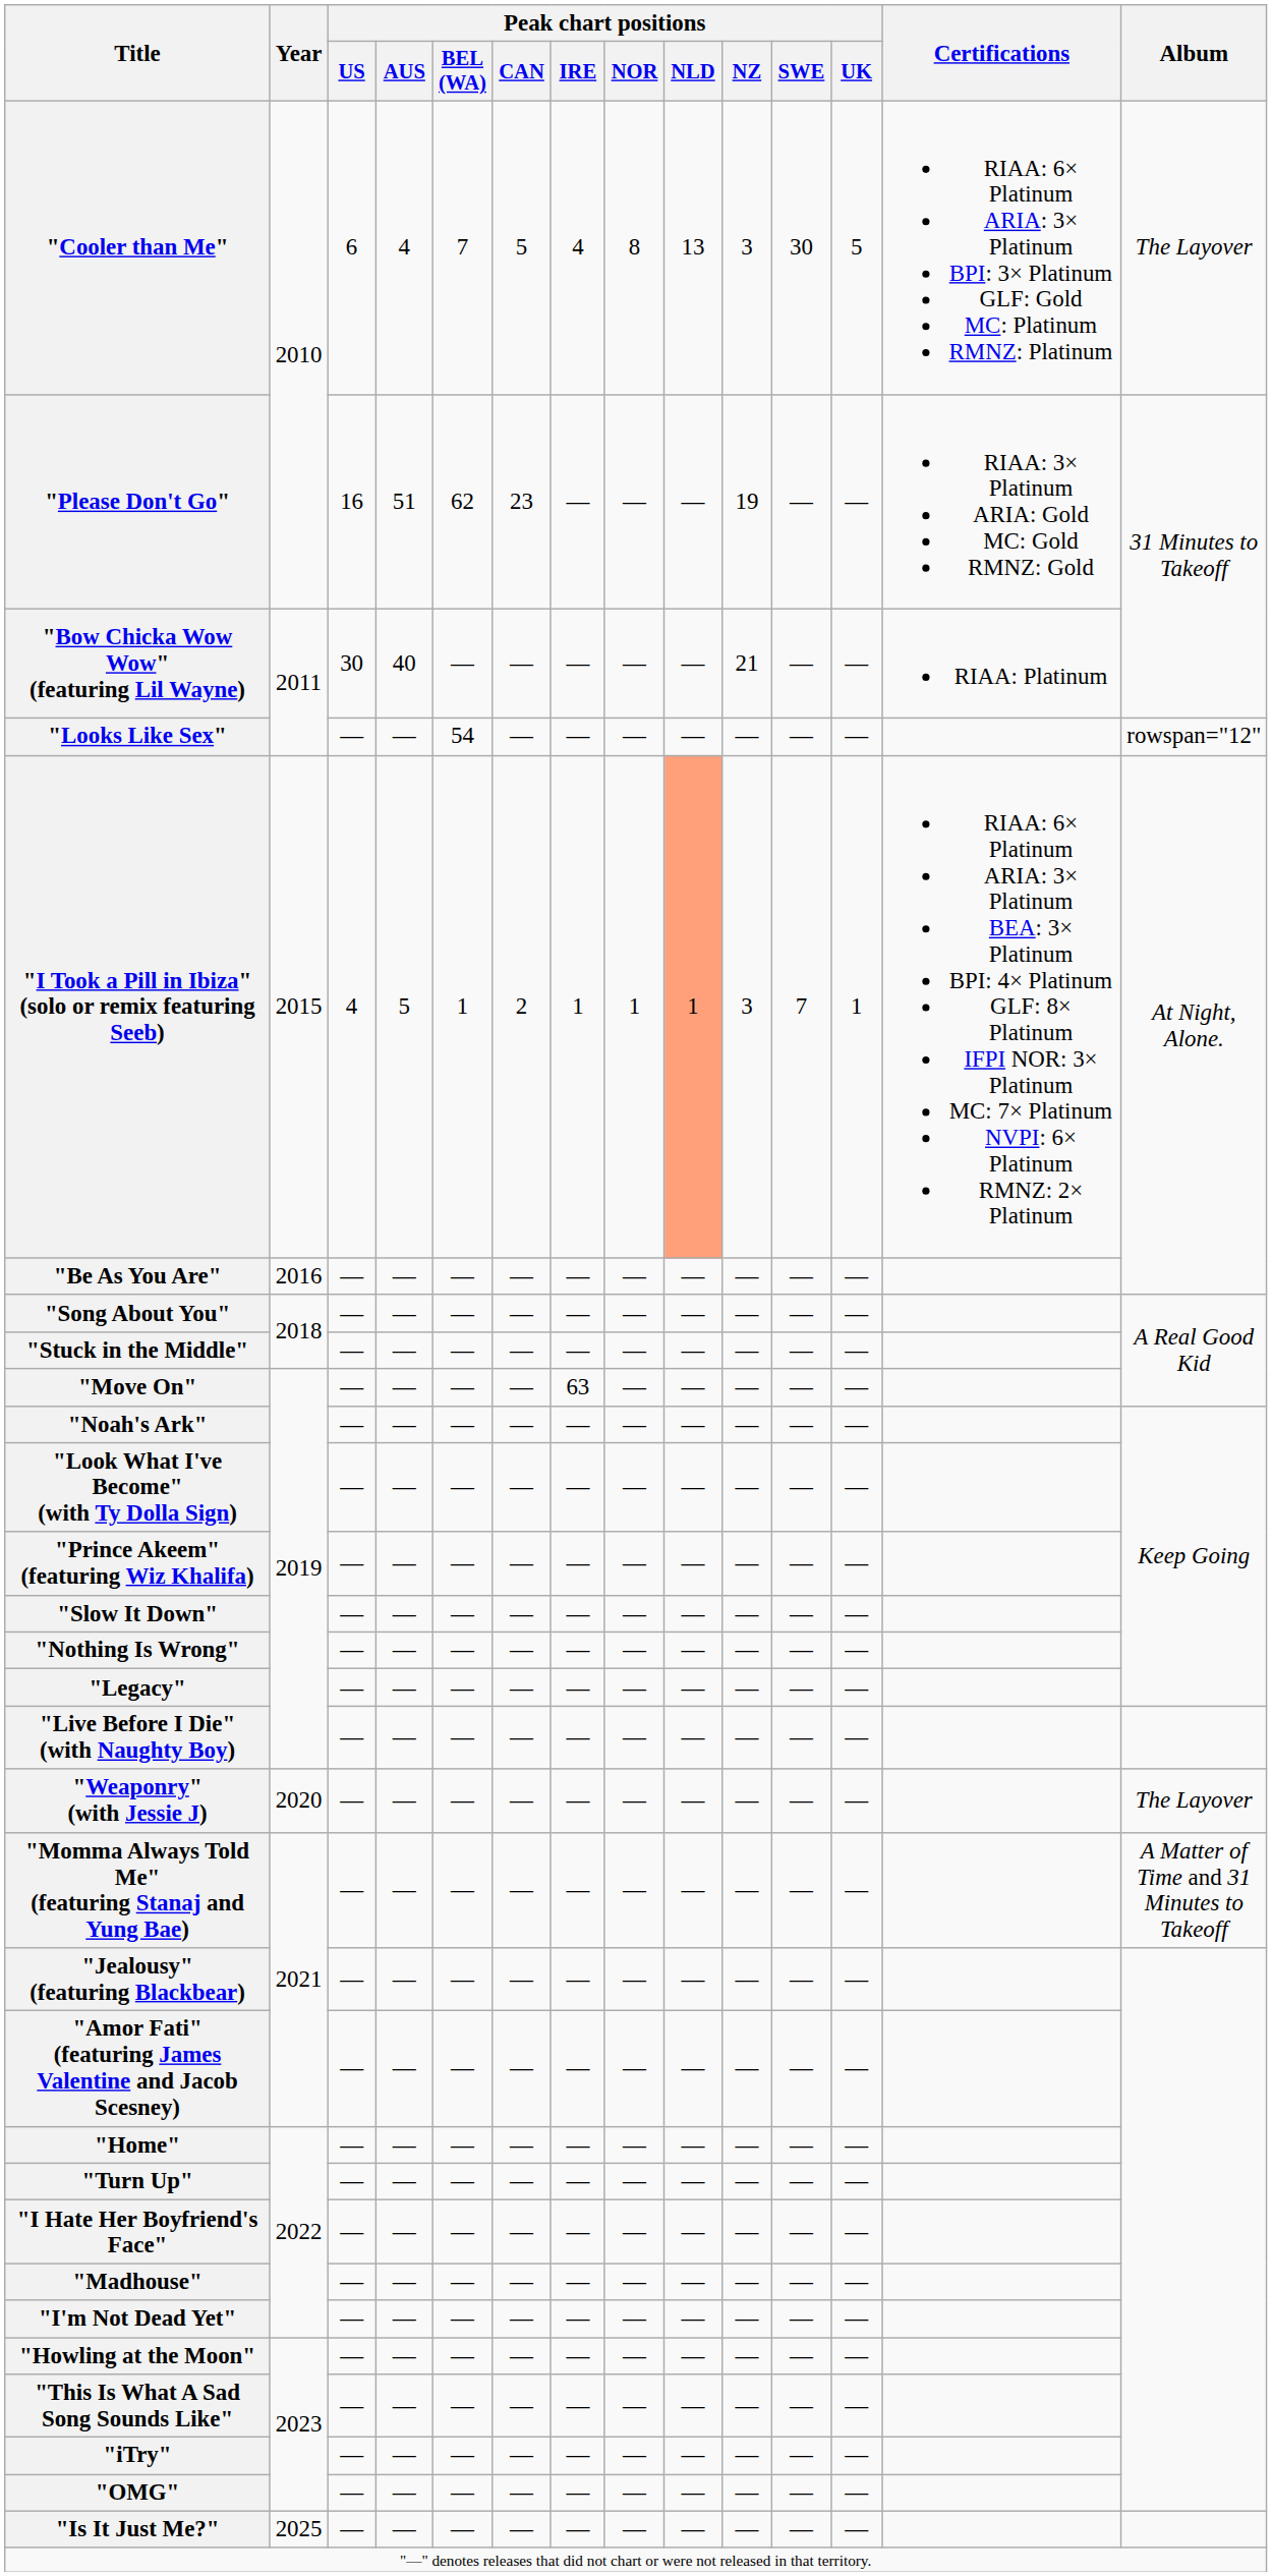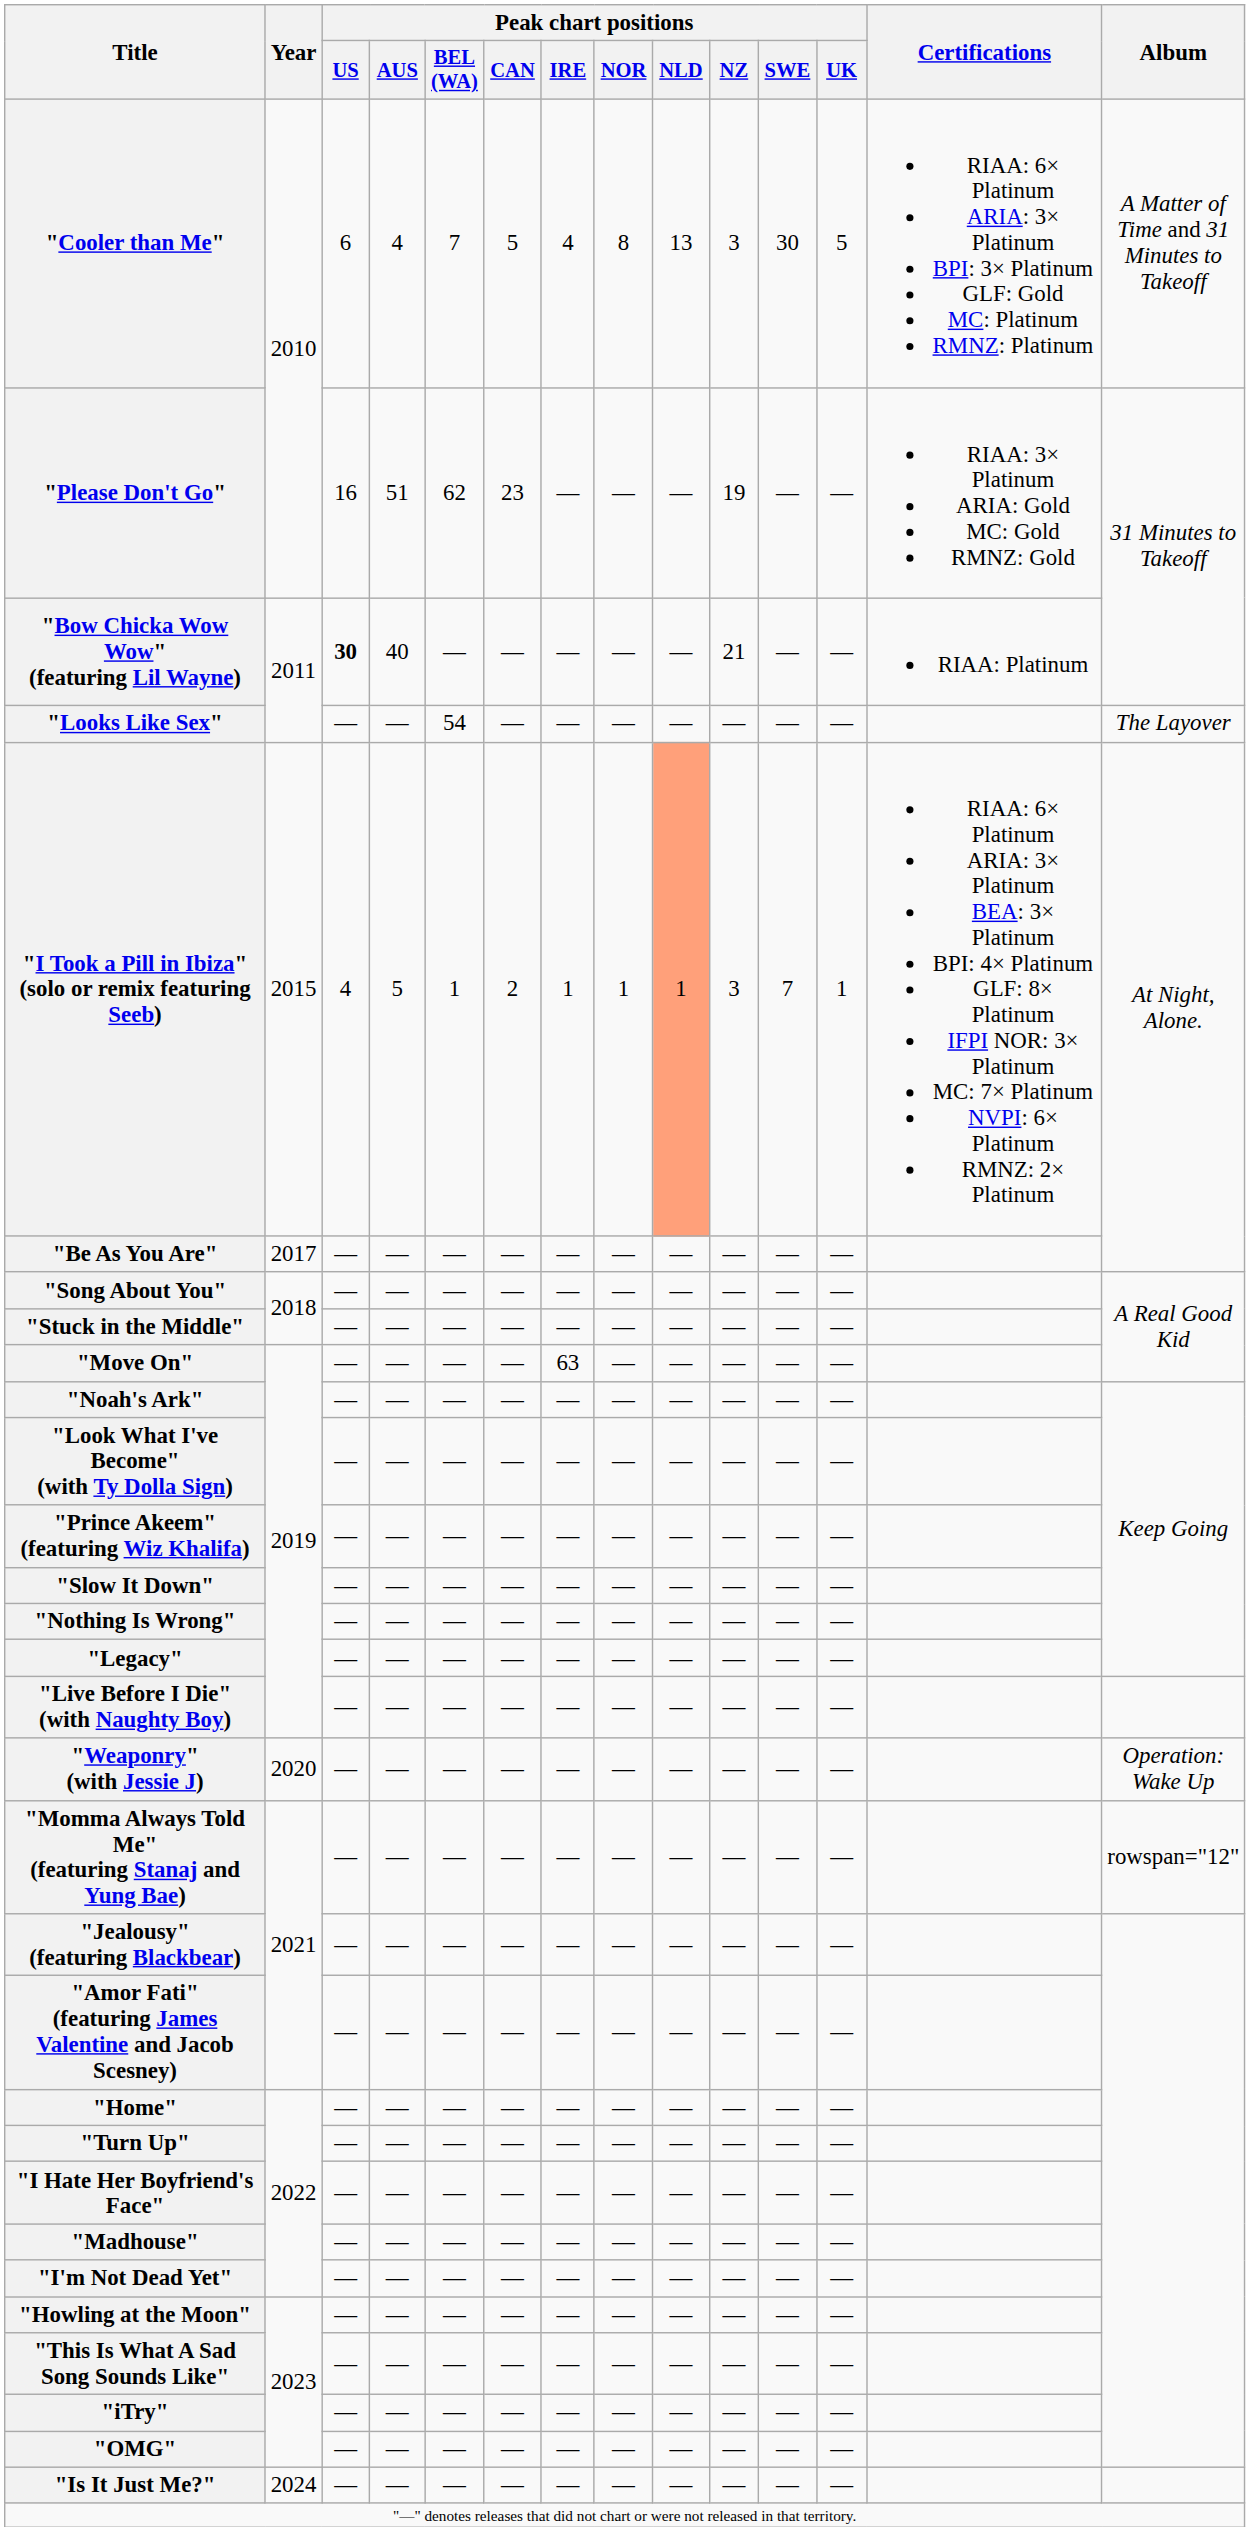 <table class="wikitable plainrowheaders" style="text-align:center;">
 <tr>
 <th scope="col" rowspan="2" style="width:17em;">Title</th>
 <th scope="col" rowspan="2">Year</th>
 <th scope="col" colspan="10">Peak chart positions</th>
 <th scope="col" rowspan="2" style="width:14em;"><a href='#'>Certifications</a></th>
 <th scope="col" rowspan="2">Album</th>
 </tr>
 <tr>
 <th scope="col" style="width:2.5em;font-size:90%;"><a href='#'>US</a><br></th>
 <th scope="col" style="width:2.5em;font-size:90%;"><a href='#'>AUS</a><br></th>
 <th scope="col" style="width:2.5em;font-size:90%;"><a href='#'>BEL (WA)</a><br></th>
 <th scope="col" style="width:2.5em;font-size:90%;"><a href='#'>CAN</a><br></th>
 <th scope="col" style="width:2.5em;font-size:90%;"><a href='#'>IRE</a><br></th>
 <th scope="col" style="width:2.5em;font-size:90%;"><a href='#'>NOR</a><br></th>
 <th scope="col" style="width:2.5em;font-size:90%;"><a href='#'>NLD</a><br></th>
 <th scope="col" style="width:2.5em;font-size:90%;"><a href='#'>NZ</a><br></th>
 <th scope="col" style="width:2.5em;font-size:90%;"><a href='#'>SWE</a><br></th>
 <th scope="col" style="width:2.5em;font-size:90%;"><a href='#'>UK</a><br></th>
 </tr>
 <tr>
 <th scope="row">"<a href='#'>Cooler than Me</a>"<br></th>
 <td rowspan="2">2010</td>
 <td>6</td>
 <td>4</td>
 <td>7</td>
 <td>5</td>
 <td>4</td>
 <td>8</td>
 <td>13</td>
 <td>3</td>
 <td>30</td>
 <td>5</td>
 <td><br><ul><li>RIAA: 6× Platinum</li><li><a href='#'>ARIA</a>: 3× Platinum</li><li><a href='#'>BPI</a>: 3× Platinum</li><li>GLF: Gold</li><li><a href='#'>MC</a>: Platinum</li><li><a href='#'>RMNZ</a>: Platinum</li></ul></td>
-<td><em>The Layover</em></td>
+<td><em>A Matter of Time</em> and <em>31 Minutes to Takeoff</em></td>
 </tr>
 <tr>
 <th scope="row">"<a href='#'>Please Don't Go</a>"</th>
 <td>16</td>
 <td>51</td>
 <td>62</td>
 <td>23</td>
 <td>—</td>
 <td>—</td>
 <td>—</td>
 <td>19</td>
 <td>—</td>
 <td>—</td>
 <td><br><ul><li>RIAA: 3× Platinum</li><li>ARIA: Gold</li><li>MC: Gold</li><li>RMNZ: Gold</li></ul></td>
 <td rowspan="2"><em>31 Minutes to Takeoff</em></td>
 </tr>
 <tr>
 <th scope="row">"<a href='#'>Bow Chicka Wow Wow</a>"<br><span>(featuring <a href='#'>Lil Wayne</a>)</span></th>
 <td rowspan="2">2011</td>
-<td>30</td>
+<td><strong>30</strong></td>
 <td>40</td>
 <td>—</td>
 <td>—</td>
 <td>—</td>
 <td>—</td>
 <td>—</td>
 <td>21</td>
 <td>—</td>
 <td>—</td>
 <td><br><ul><li>RIAA: Platinum</li></ul></td>
 </tr>
 <tr>
 <th scope="row">"<a href='#'>Looks Like Sex</a>"</th>
 <td>—</td>
 <td>—</td>
 <td>54</td>
 <td>—</td>
 <td>—</td>
 <td>—</td>
 <td>—</td>
 <td>—</td>
 <td>—</td>
 <td>—</td>
 <td></td>
-<td>rowspan="12" </td>
+<td><em>The Layover</em></td>
 </tr>
 <tr>
 <th scope="row">"<a href='#'>I Took a Pill in Ibiza</a>"<br><span>(solo or remix featuring <a href='#'>Seeb</a>)</span></th>
 <td>2015</td>
 <td>4</td>
 <td>5</td>
 <td>1</td>
 <td>2</td>
 <td>1</td>
 <td>1</td>
 <td style="background: lightsalmon;">1</td>
 <td>3</td>
 <td>7</td>
 <td>1</td>
 <td><br><ul><li>RIAA: 6× Platinum</li><li>ARIA: 3× Platinum</li><li><a href='#'>BEA</a>: 3× Platinum</li><li>BPI: 4× Platinum</li><li>GLF: 8× Platinum</li><li><a href='#'>IFPI</a> NOR: 3× Platinum</li><li>MC: 7× Platinum</li><li><a href='#'>NVPI</a>: 6× Platinum</li><li>RMNZ: 2× Platinum</li></ul></td>
 <td rowspan="2"><em>At Night, Alone.</em></td>
 </tr>
 <tr>
 <th scope="row">"Be As You Are"</th>
-<td>2016</td>
+<td>2017</td>
 <td>—</td>
 <td>—</td>
 <td>—</td>
 <td>—</td>
 <td>—</td>
 <td>—</td>
 <td>—</td>
 <td>—</td>
 <td>—</td>
 <td>—</td>
 <td></td>
 </tr>
 <tr>
 <th scope="row">"Song About You"</th>
 <td rowspan=2>2018</td>
 <td>—</td>
 <td>—</td>
 <td>—</td>
 <td>—</td>
 <td>—</td>
 <td>—</td>
 <td>—</td>
 <td>—</td>
 <td>—</td>
 <td>—</td>
 <td></td>
 <td rowspan="3"><em>A Real Good Kid</em></td>
 </tr>
 <tr>
 <th scope="row">"Stuck in the Middle"</th>
 <td>—</td>
 <td>—</td>
 <td>—</td>
 <td>—</td>
 <td>—</td>
 <td>—</td>
 <td>—</td>
 <td>—</td>
 <td>—</td>
 <td>—</td>
 <td></td>
 </tr>
 <tr>
 <th scope="row">"Move On"</th>
 <td rowspan="8">2019</td>
 <td>—</td>
 <td>—</td>
 <td>—</td>
 <td>—</td>
 <td>63</td>
 <td>—</td>
 <td>—</td>
 <td>—</td>
 <td>—</td>
 <td>—</td>
 <td></td>
 </tr>
 <tr>
 <th scope="row">"Noah's Ark"</th>
 <td>—</td>
 <td>—</td>
 <td>—</td>
 <td>—</td>
 <td>—</td>
 <td>—</td>
 <td>—</td>
 <td>—</td>
 <td>—</td>
 <td>—</td>
 <td></td>
 <td rowspan="6"><em>Keep Going</em></td>
 </tr>
 <tr>
 <th scope="row">"Look What I've Become" <br><span>(with <a href='#'>Ty Dolla Sign</a>)</span></th>
 <td>—</td>
 <td>—</td>
 <td>—</td>
 <td>—</td>
 <td>—</td>
 <td>—</td>
 <td>—</td>
 <td>—</td>
 <td>—</td>
 <td>—</td>
 <td></td>
 </tr>
 <tr>
 <th scope="row">"Prince Akeem" <br><span>(featuring <a href='#'>Wiz Khalifa</a>)</span></th>
 <td>—</td>
 <td>—</td>
 <td>—</td>
 <td>—</td>
 <td>—</td>
 <td>—</td>
 <td>—</td>
 <td>—</td>
 <td>—</td>
 <td>—</td>
 <td></td>
 </tr>
 <tr>
 <th scope="row">"Slow It Down"</th>
 <td>—</td>
 <td>—</td>
 <td>—</td>
 <td>—</td>
 <td>—</td>
 <td>—</td>
 <td>—</td>
 <td>—</td>
 <td>—</td>
 <td>—</td>
 <td></td>
 </tr>
 <tr>
 <th scope="row">"Nothing Is Wrong"</th>
 <td>—</td>
 <td>—</td>
 <td>—</td>
 <td>—</td>
 <td>—</td>
 <td>—</td>
 <td>—</td>
 <td>—</td>
 <td>—</td>
 <td>—</td>
 <td></td>
 </tr>
 <tr>
 <th scope="row">"Legacy"<br></th>
 <td>—</td>
 <td>—</td>
 <td>—</td>
 <td>—</td>
 <td>—</td>
 <td>—</td>
 <td>—</td>
 <td>—</td>
 <td>—</td>
 <td>—</td>
 <td></td>
 </tr>
 <tr>
 <th scope="row">"Live Before I Die" <br><span>(with <a href='#'>Naughty Boy</a>)</span></th>
 <td>—</td>
 <td>—</td>
 <td>—</td>
 <td>—</td>
 <td>—</td>
 <td>—</td>
 <td>—</td>
 <td>—</td>
 <td>—</td>
 <td>—</td>
 <td></td>
 <td></td>
 </tr>
 <tr>
 <th scope="row">"<a href='#'>Weaponry</a>" <br><span>(with <a href='#'>Jessie J</a>)</span></th>
 <td>2020</td>
 <td>—</td>
 <td>—</td>
 <td>—</td>
 <td>—</td>
 <td>—</td>
 <td>—</td>
 <td>—</td>
 <td>—</td>
 <td>—</td>
 <td>—</td>
 <td></td>
-<td><em>The Layover</em></td>
+<td><em>Operation: Wake Up</em></td>
 </tr>
 <tr>
 <th scope="row">"Momma Always Told Me" <br><span>(featuring <a href='#'>Stanaj</a> and <a href='#'>Yung Bae</a>)</span></th>
 <td rowspan="3">2021</td>
 <td>—</td>
 <td>—</td>
 <td>—</td>
 <td>—</td>
 <td>—</td>
 <td>—</td>
 <td>—</td>
 <td>—</td>
 <td>—</td>
 <td>—</td>
 <td></td>
-<td><em>A Matter of Time</em> and <em>31 Minutes to Takeoff</em></td>
+<td>rowspan="12" </td>
 </tr>
 <tr>
 <th scope="row">"Jealousy" <br><span>(featuring <a href='#'>Blackbear</a>)</span></th>
 <td>—</td>
 <td>—</td>
 <td>—</td>
 <td>—</td>
 <td>—</td>
 <td>—</td>
 <td>—</td>
 <td>—</td>
 <td>—</td>
 <td>—</td>
 <td></td>
 </tr>
 <tr>
 <th scope="row">"Amor Fati" <br><span>(featuring <a href='#'>James Valentine</a> and Jacob Scesney)</span></th>
 <td>—</td>
 <td>—</td>
 <td>—</td>
 <td>—</td>
 <td>—</td>
 <td>—</td>
 <td>—</td>
 <td>—</td>
 <td>—</td>
 <td>—</td>
 <td></td>
 </tr>
 <tr>
 <th scope="row">"Home"</th>
 <td rowspan="5">2022</td>
 <td>—</td>
 <td>—</td>
 <td>—</td>
 <td>—</td>
 <td>—</td>
 <td>—</td>
 <td>—</td>
 <td>—</td>
 <td>—</td>
 <td>—</td>
 <td></td>
 </tr>
 <tr>
 <th scope="row">"Turn Up"<br></th>
 <td>—</td>
 <td>—</td>
 <td>—</td>
 <td>—</td>
 <td>—</td>
 <td>—</td>
 <td>—</td>
 <td>—</td>
 <td>—</td>
 <td>—</td>
 <td></td>
 </tr>
 <tr>
 <th scope="row">"I Hate Her Boyfriend's Face"<br></th>
 <td>—</td>
 <td>—</td>
 <td>—</td>
 <td>—</td>
 <td>—</td>
 <td>—</td>
 <td>—</td>
 <td>—</td>
 <td>—</td>
 <td>—</td>
 <td></td>
 </tr>
 <tr>
 <th scope="row">"Madhouse"<br></th>
 <td>—</td>
 <td>—</td>
 <td>—</td>
 <td>—</td>
 <td>—</td>
 <td>—</td>
 <td>—</td>
 <td>—</td>
 <td>—</td>
 <td>—</td>
 <td></td>
 </tr>
 <tr>
 <th scope="row">"I'm Not Dead Yet"</th>
 <td>—</td>
 <td>—</td>
 <td>—</td>
 <td>—</td>
 <td>—</td>
 <td>—</td>
 <td>—</td>
 <td>—</td>
 <td>—</td>
 <td>—</td>
 <td></td>
 </tr>
 <tr>
 <th scope="row">"Howling at the Moon"<br></th>
 <td rowspan="4">2023</td>
 <td>—</td>
 <td>—</td>
 <td>—</td>
 <td>—</td>
 <td>—</td>
 <td>—</td>
 <td>—</td>
 <td>—</td>
 <td>—</td>
 <td>—</td>
 <td></td>
 </tr>
 <tr>
 <th scope="row">"This Is What A Sad Song Sounds Like"<br></th>
 <td>—</td>
 <td>—</td>
 <td>—</td>
 <td>—</td>
 <td>—</td>
 <td>—</td>
 <td>—</td>
 <td>—</td>
 <td>—</td>
 <td>—</td>
 <td></td>
 </tr>
 <tr>
 <th scope="row">"iTry"<br></th>
 <td>—</td>
 <td>—</td>
 <td>—</td>
 <td>—</td>
 <td>—</td>
 <td>—</td>
 <td>—</td>
 <td>—</td>
 <td>—</td>
 <td>—</td>
 <td></td>
 </tr>
 <tr>
 <th scope="row">"OMG"</th>
 <td>—</td>
 <td>—</td>
 <td>—</td>
 <td>—</td>
 <td>—</td>
 <td>—</td>
 <td>—</td>
 <td>—</td>
 <td>—</td>
 <td>—</td>
 <td></td>
 </tr>
 <tr>
 <th scope="row">"Is It Just Me?"</th>
-<td>2025</td>
+<td>2024</td>
 <td>—</td>
 <td>—</td>
 <td>—</td>
 <td>—</td>
 <td>—</td>
 <td>—</td>
 <td>—</td>
 <td>—</td>
 <td>—</td>
 <td>—</td>
 <td></td>
 <td></td>
 </tr>
 <tr>
 <td colspan="15" style="text-align:center; font-size:8pt;">"—" denotes releases that did not chart or were not released in that territory.</td>
 </tr>
 </table>
